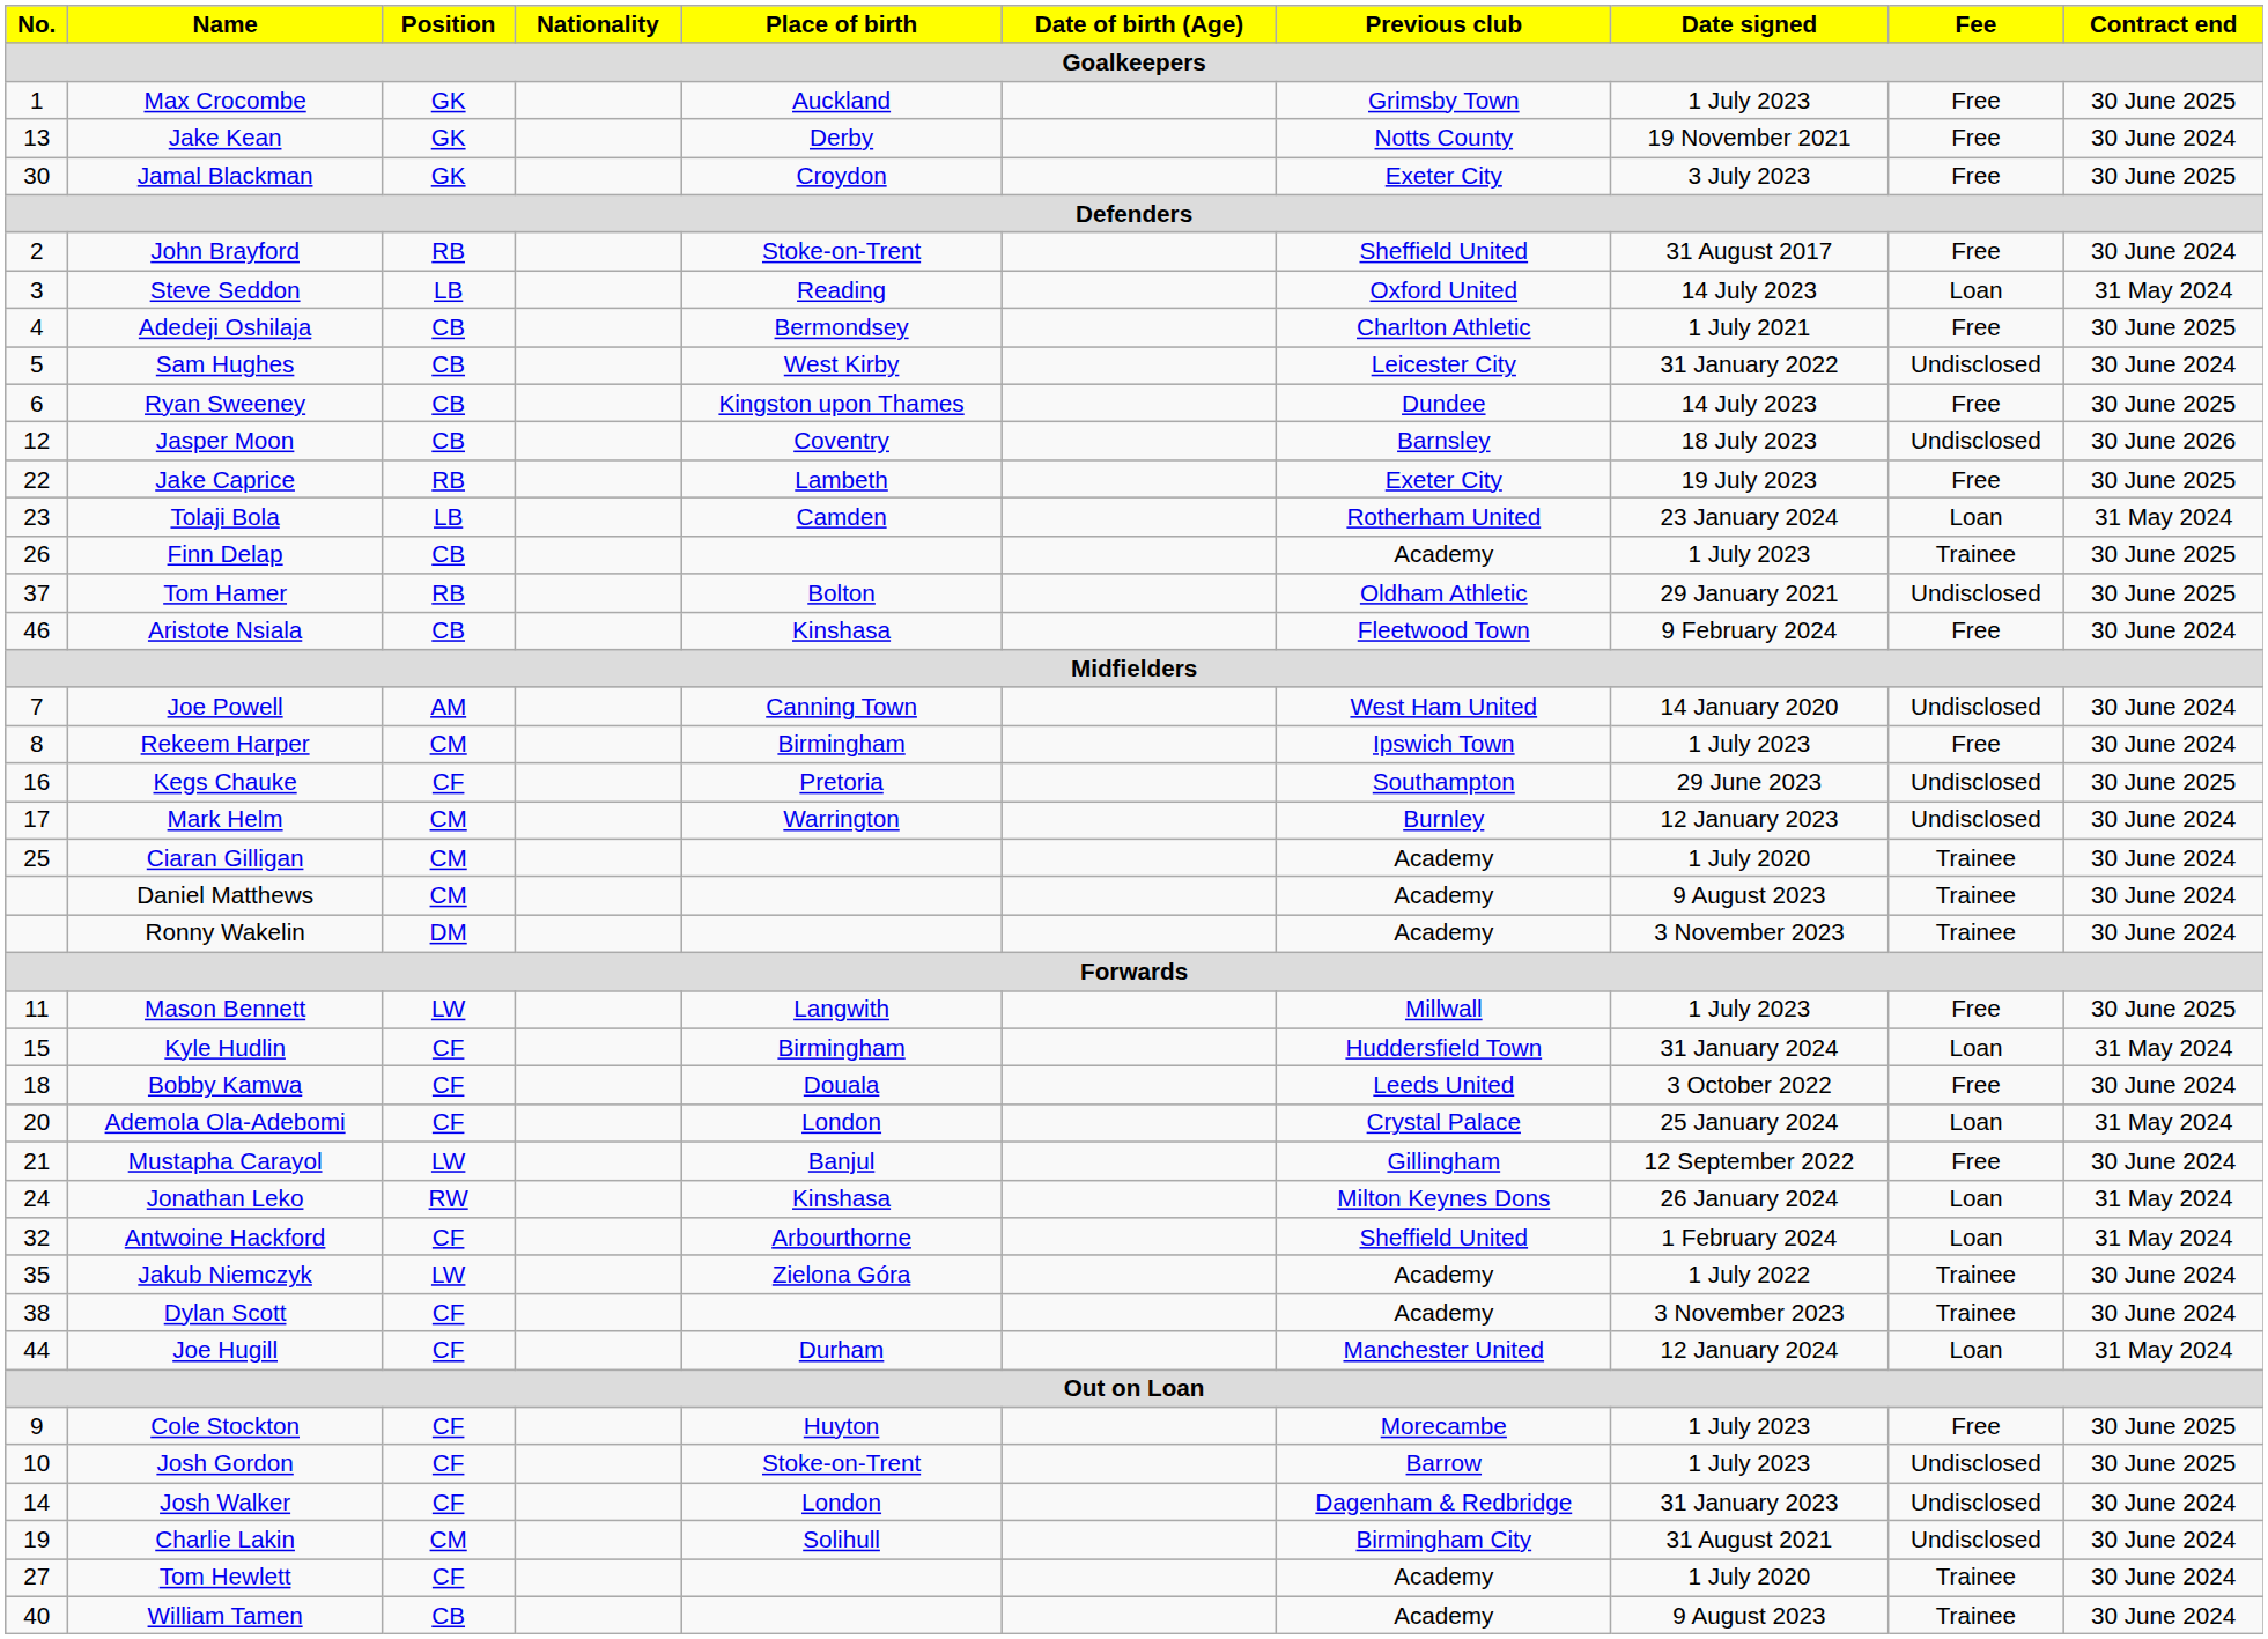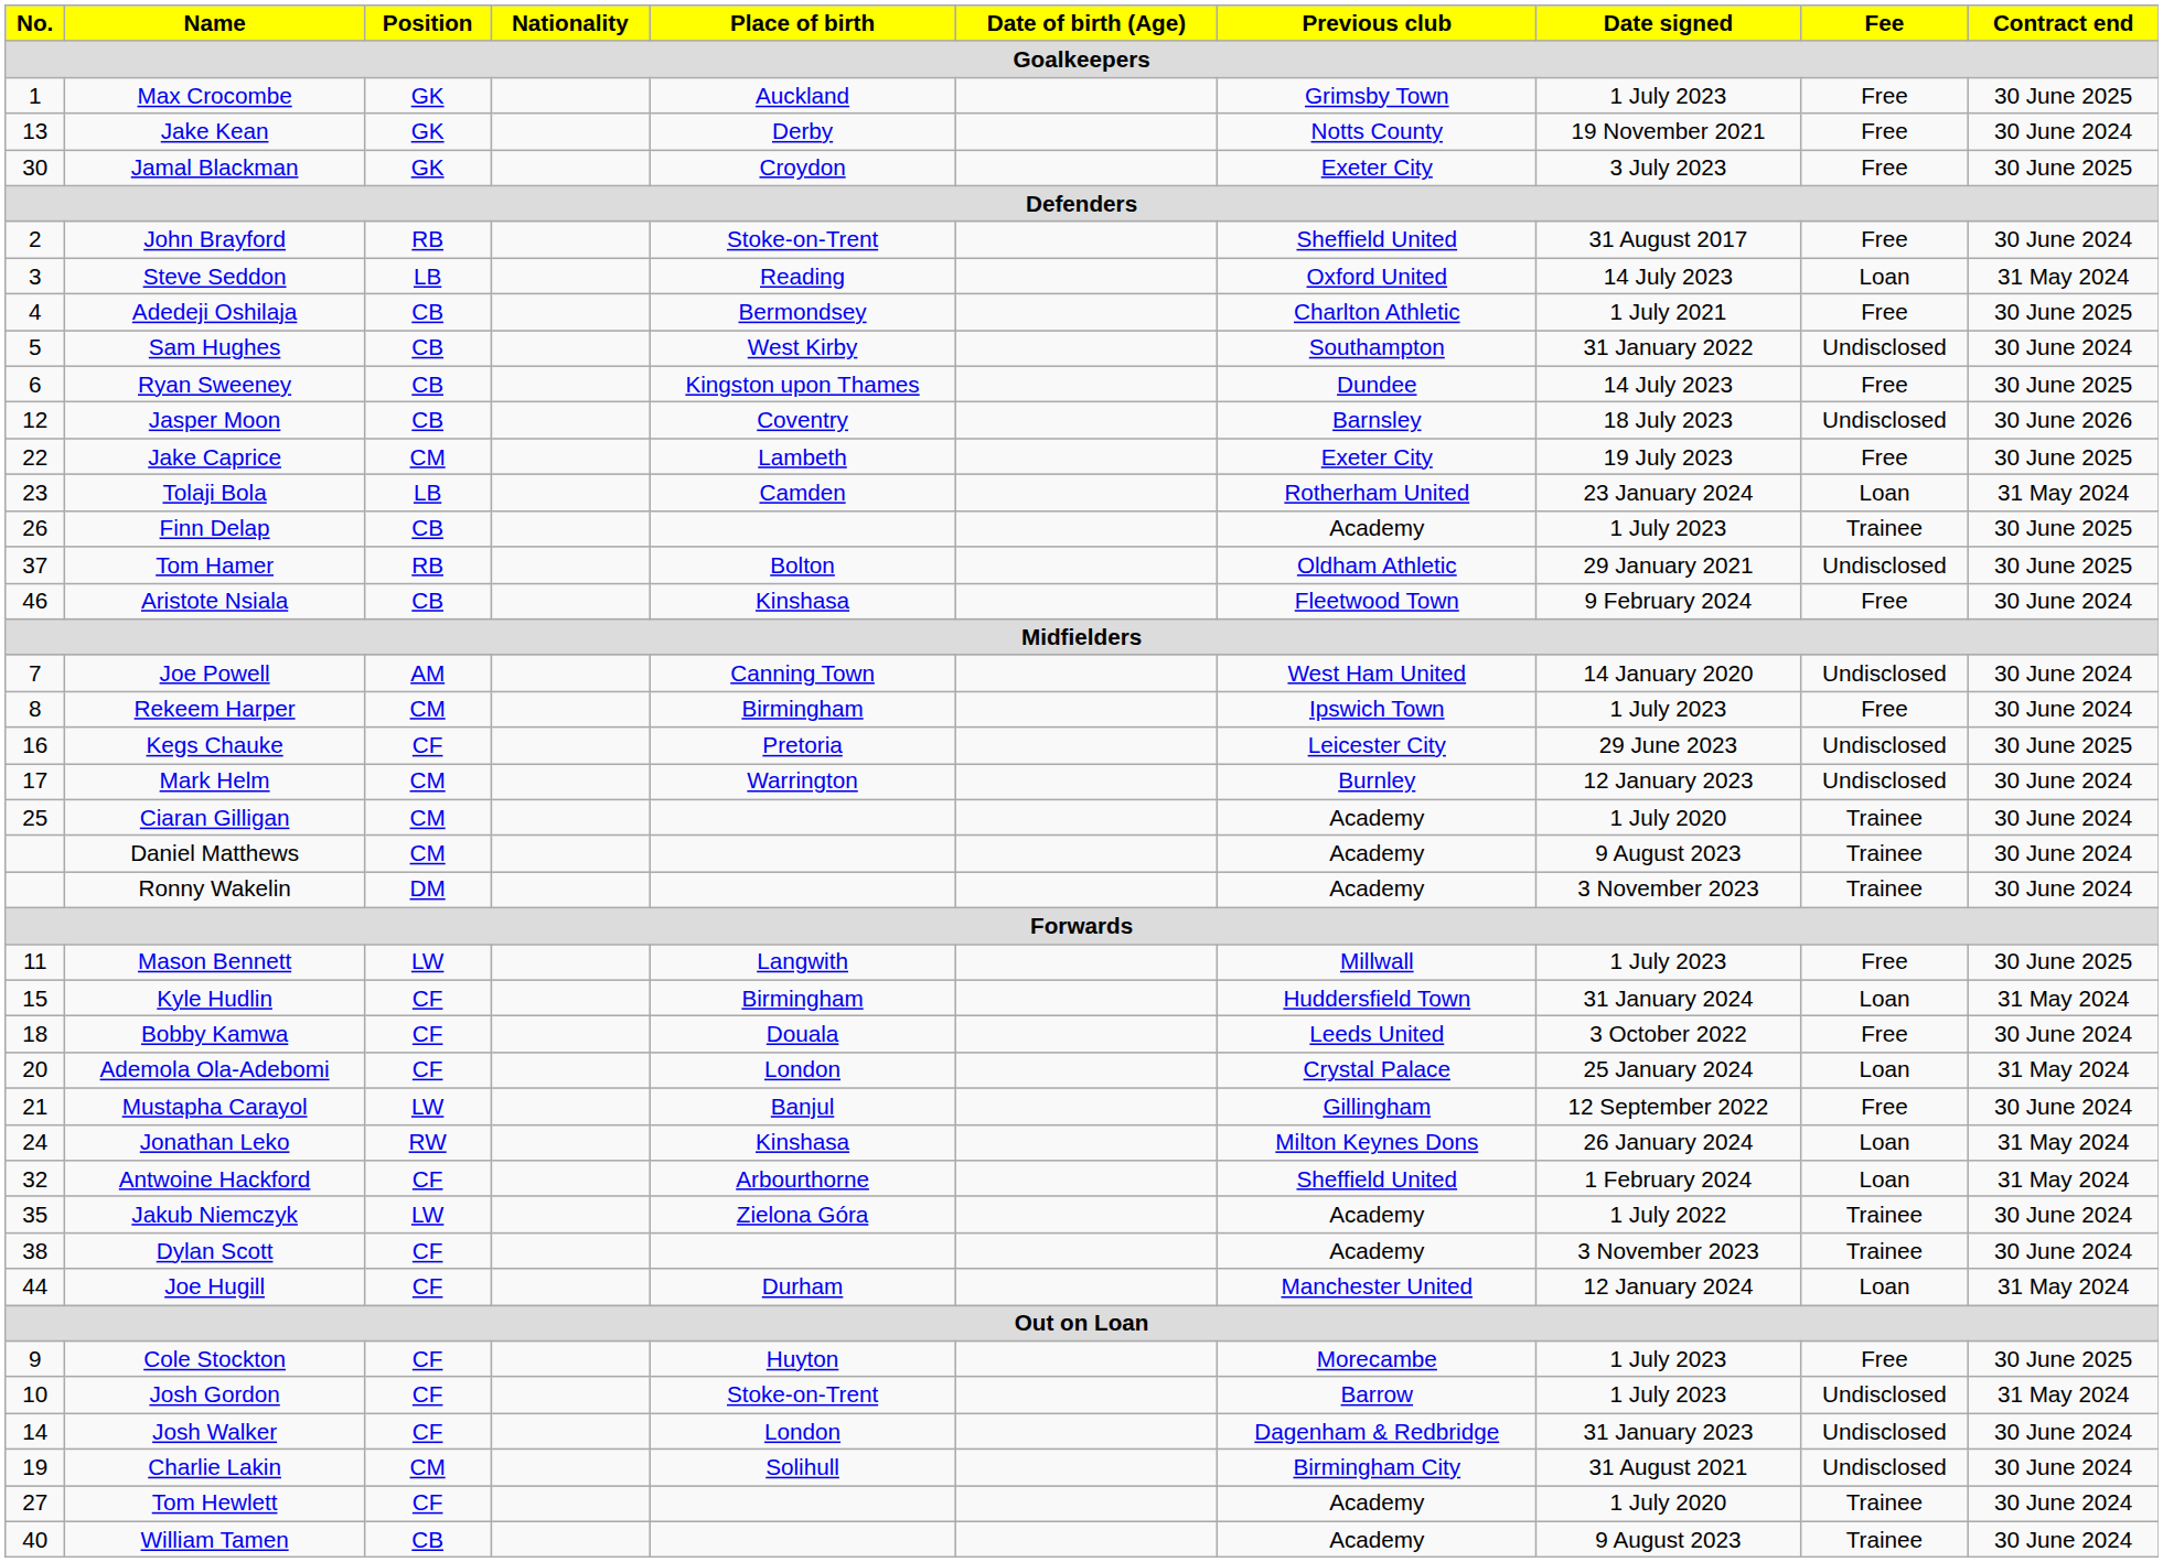 <table class="wikitable" style="text-align:center; font-size:84.5%; width:101%;">
 <tr>
 <th style="background:yellow;">No.</th>
 <th style="background:yellow;">Name</th>
 <th style="background:yellow;">Position</th>
 <th style="background:yellow;">Nationality</th>
 <th style="background:yellow;">Place of birth</th>
 <th style="background:yellow;">Date of birth (Age)</th>
 <th style="background:yellow;">Previous club</th>
 <th style="background:yellow;">Date signed</th>
 <th style="background:yellow;">Fee</th>
 <th style="background:yellow;">Contract end</th>
 </tr>
 <tr>
 <th colspan="14" style="background:#dcdcdc; tepxt-align:center;">Goalkeepers</th>
 </tr>
 <tr>
 <td>1</td>
 <td><a href='#'>Max Crocombe</a></td>
 <td><a href='#'>GK</a></td>
 <td></td>
 <td><a href='#'>Auckland</a></td>
 <td></td>
 <td><a href='#'>Grimsby Town</a></td>
 <td>1 July 2023</td>
 <td>Free</td>
 <td>30 June 2025</td>
 </tr>
 <tr>
 <td>13</td>
 <td><a href='#'>Jake Kean</a></td>
 <td><a href='#'>GK</a></td>
 <td></td>
 <td><a href='#'>Derby</a></td>
 <td></td>
 <td><a href='#'>Notts County</a></td>
 <td>19 November 2021</td>
 <td>Free</td>
 <td>30 June 2024</td>
 </tr>
 <tr>
 <td>30</td>
 <td><a href='#'>Jamal Blackman</a></td>
 <td><a href='#'>GK</a></td>
 <td></td>
 <td><a href='#'>Croydon</a></td>
 <td></td>
 <td><a href='#'>Exeter City</a></td>
 <td>3 July 2023</td>
 <td>Free</td>
 <td>30 June 2025</td>
 </tr>
 <tr>
 <th colspan="14" style="background:#dcdcdc; tepxt-align:center;">Defenders</th>
 </tr>
 <tr>
 <td>2</td>
 <td><a href='#'>John Brayford</a></td>
 <td><a href='#'>RB</a></td>
 <td></td>
 <td><a href='#'>Stoke-on-Trent</a></td>
 <td></td>
 <td><a href='#'>Sheffield United</a></td>
 <td>31 August 2017</td>
 <td>Free</td>
 <td>30 June 2024</td>
 </tr>
 <tr>
 <td>3</td>
 <td><a href='#'>Steve Seddon</a></td>
 <td><a href='#'>LB</a></td>
 <td></td>
 <td><a href='#'>Reading</a></td>
 <td></td>
 <td><a href='#'>Oxford United</a></td>
 <td>14 July 2023</td>
 <td>Loan</td>
 <td>31 May 2024</td>
 </tr>
 <tr>
 <td>4</td>
 <td><a href='#'>Adedeji Oshilaja</a></td>
 <td><a href='#'>CB</a></td>
 <td></td>
 <td><a href='#'>Bermondsey</a></td>
 <td></td>
 <td><a href='#'>Charlton Athletic</a></td>
 <td>1 July 2021</td>
 <td>Free</td>
 <td>30 June 2025</td>
 </tr>
 <tr>
 <td>5</td>
 <td><a href='#'>Sam Hughes</a></td>
 <td><a href='#'>CB</a></td>
 <td></td>
 <td><a href='#'>West Kirby</a></td>
 <td></td>
-<td><a href='#'>Leicester City</a></td>
+<td><a href='#'>Southampton</a></td>
 <td>31 January 2022</td>
 <td>Undisclosed</td>
 <td>30 June 2024</td>
 </tr>
 <tr>
 <td>6</td>
 <td><a href='#'>Ryan Sweeney</a></td>
 <td><a href='#'>CB</a></td>
 <td></td>
 <td><a href='#'>Kingston upon Thames</a></td>
 <td></td>
 <td> <a href='#'>Dundee</a></td>
 <td>14 July 2023</td>
 <td>Free</td>
 <td>30 June 2025</td>
 </tr>
 <tr>
 <td>12</td>
 <td><a href='#'>Jasper Moon</a></td>
 <td><a href='#'>CB</a></td>
 <td></td>
 <td><a href='#'>Coventry</a></td>
 <td></td>
 <td><a href='#'>Barnsley</a></td>
 <td>18 July 2023</td>
 <td>Undisclosed</td>
 <td>30 June 2026</td>
 </tr>
 <tr>
 <td>22</td>
 <td><a href='#'>Jake Caprice</a></td>
-<td><a href='#'>RB</a></td>
+<td><a href='#'>CM</a></td>
 <td></td>
 <td><a href='#'>Lambeth</a></td>
 <td></td>
 <td><a href='#'>Exeter City</a></td>
 <td>19 July 2023</td>
 <td>Free</td>
 <td>30 June 2025</td>
 </tr>
 <tr>
 <td>23</td>
 <td><a href='#'>Tolaji Bola</a></td>
 <td><a href='#'>LB</a></td>
 <td></td>
 <td><a href='#'>Camden</a></td>
 <td></td>
 <td><a href='#'>Rotherham United</a></td>
 <td>23 January 2024</td>
 <td>Loan</td>
 <td>31 May 2024</td>
 </tr>
 <tr>
 <td>26</td>
 <td><a href='#'>Finn Delap</a></td>
 <td><a href='#'>CB</a></td>
 <td></td>
 <td></td>
 <td></td>
 <td>Academy</td>
 <td>1 July 2023</td>
 <td>Trainee</td>
 <td>30 June 2025</td>
 </tr>
 <tr>
 <td>37</td>
 <td><a href='#'>Tom Hamer</a></td>
 <td><a href='#'>RB</a></td>
 <td></td>
 <td><a href='#'>Bolton</a></td>
 <td></td>
 <td><a href='#'>Oldham Athletic</a></td>
 <td>29 January 2021</td>
 <td>Undisclosed</td>
 <td>30 June 2025</td>
 </tr>
 <tr>
 <td>46</td>
 <td><a href='#'>Aristote Nsiala</a></td>
 <td><a href='#'>CB</a></td>
 <td></td>
 <td><a href='#'>Kinshasa</a></td>
 <td></td>
 <td><a href='#'>Fleetwood Town</a></td>
 <td>9 February 2024</td>
 <td>Free</td>
 <td>30 June 2024</td>
 </tr>
 <tr>
 <th colspan="14" style="background:#dcdcdc; tepxt-align:center;">Midfielders</th>
 </tr>
 <tr>
 <td>7</td>
 <td><a href='#'>Joe Powell</a></td>
 <td><a href='#'>AM</a></td>
 <td></td>
 <td><a href='#'>Canning Town</a></td>
 <td></td>
 <td><a href='#'>West Ham United</a></td>
 <td>14 January 2020</td>
 <td>Undisclosed</td>
 <td>30 June 2024</td>
 </tr>
 <tr>
 <td>8</td>
 <td><a href='#'>Rekeem Harper</a></td>
 <td><a href='#'>CM</a></td>
 <td></td>
 <td><a href='#'>Birmingham</a></td>
 <td></td>
 <td><a href='#'>Ipswich Town</a></td>
 <td>1 July 2023</td>
 <td>Free</td>
 <td>30 June 2024</td>
 </tr>
 <tr>
 <td>16</td>
 <td><a href='#'>Kegs Chauke</a></td>
 <td><a href='#'>CF</a></td>
 <td></td>
 <td><a href='#'>Pretoria</a></td>
 <td></td>
-<td><a href='#'>Southampton</a></td>
+<td><a href='#'>Leicester City</a></td>
 <td>29 June 2023</td>
 <td>Undisclosed</td>
 <td>30 June 2025</td>
 </tr>
 <tr>
 <td>17</td>
 <td><a href='#'>Mark Helm</a></td>
 <td><a href='#'>CM</a></td>
 <td></td>
 <td><a href='#'>Warrington</a></td>
 <td></td>
 <td><a href='#'>Burnley</a></td>
 <td>12 January 2023</td>
 <td>Undisclosed</td>
 <td>30 June 2024</td>
 </tr>
 <tr>
 <td>25</td>
 <td><a href='#'>Ciaran Gilligan</a></td>
 <td><a href='#'>CM</a></td>
 <td></td>
 <td></td>
 <td></td>
 <td>Academy</td>
 <td>1 July 2020</td>
 <td>Trainee</td>
 <td>30 June 2024</td>
 </tr>
 <tr>
 <td></td>
 <td>Daniel Matthews</td>
 <td><a href='#'>CM</a></td>
 <td></td>
 <td></td>
 <td></td>
 <td>Academy</td>
 <td>9 August 2023</td>
 <td>Trainee</td>
 <td>30 June 2024</td>
 </tr>
 <tr>
 <td></td>
 <td>Ronny Wakelin</td>
 <td><a href='#'>DM</a></td>
 <td></td>
 <td></td>
 <td></td>
 <td>Academy</td>
 <td>3 November 2023</td>
 <td>Trainee</td>
 <td>30 June 2024</td>
 </tr>
 <tr>
 <th colspan="14" style="background:#dcdcdc; tepxt-align:center;">Forwards</th>
 </tr>
 <tr>
 <td>11</td>
 <td><a href='#'>Mason Bennett</a></td>
 <td><a href='#'>LW</a></td>
 <td></td>
 <td><a href='#'>Langwith</a></td>
 <td></td>
 <td><a href='#'>Millwall</a></td>
 <td>1 July 2023</td>
 <td>Free</td>
 <td>30 June 2025</td>
 </tr>
 <tr>
 <td>15</td>
 <td><a href='#'>Kyle Hudlin</a></td>
 <td><a href='#'>CF</a></td>
 <td></td>
 <td><a href='#'>Birmingham</a></td>
 <td></td>
 <td><a href='#'>Huddersfield Town</a></td>
 <td>31 January 2024</td>
 <td>Loan</td>
 <td>31 May 2024</td>
 </tr>
 <tr>
 <td>18</td>
 <td><a href='#'>Bobby Kamwa</a></td>
 <td><a href='#'>CF</a></td>
 <td></td>
 <td><a href='#'>Douala</a></td>
 <td></td>
 <td><a href='#'>Leeds United</a></td>
 <td>3 October 2022</td>
 <td>Free</td>
 <td>30 June 2024</td>
 </tr>
 <tr>
 <td>20</td>
 <td><a href='#'>Ademola Ola-Adebomi</a></td>
 <td><a href='#'>CF</a></td>
 <td></td>
 <td><a href='#'>London</a></td>
 <td></td>
 <td><a href='#'>Crystal Palace</a></td>
 <td>25 January 2024</td>
 <td>Loan</td>
 <td>31 May 2024</td>
 </tr>
 <tr>
 <td>21</td>
 <td><a href='#'>Mustapha Carayol</a></td>
 <td><a href='#'>LW</a></td>
 <td></td>
 <td><a href='#'>Banjul</a></td>
 <td></td>
 <td><a href='#'>Gillingham</a></td>
 <td>12 September 2022</td>
 <td>Free</td>
 <td>30 June 2024</td>
 </tr>
 <tr>
 <td>24</td>
 <td><a href='#'>Jonathan Leko</a></td>
 <td><a href='#'>RW</a></td>
 <td></td>
 <td> <a href='#'>Kinshasa</a></td>
 <td></td>
 <td><a href='#'>Milton Keynes Dons</a></td>
 <td>26 January 2024</td>
 <td>Loan</td>
 <td>31 May 2024</td>
 </tr>
 <tr>
 <td>32</td>
 <td><a href='#'>Antwoine Hackford</a></td>
 <td><a href='#'>CF</a></td>
 <td></td>
 <td><a href='#'>Arbourthorne</a></td>
 <td></td>
 <td><a href='#'>Sheffield United</a></td>
 <td>1 February 2024</td>
 <td>Loan</td>
 <td>31 May 2024</td>
 </tr>
 <tr>
 <td>35</td>
 <td><a href='#'>Jakub Niemczyk</a></td>
 <td><a href='#'>LW</a></td>
 <td></td>
 <td><a href='#'>Zielona Góra</a></td>
 <td></td>
 <td>Academy</td>
 <td>1 July 2022</td>
 <td>Trainee</td>
 <td>30 June 2024</td>
 </tr>
 <tr>
 <td>38</td>
 <td><a href='#'>Dylan Scott</a></td>
 <td><a href='#'>CF</a></td>
 <td></td>
 <td></td>
 <td></td>
 <td>Academy</td>
 <td>3 November 2023</td>
 <td>Trainee</td>
 <td>30 June 2024</td>
 </tr>
 <tr>
 <td>44</td>
 <td><a href='#'>Joe Hugill</a></td>
 <td><a href='#'>CF</a></td>
 <td></td>
 <td><a href='#'>Durham</a></td>
 <td></td>
 <td><a href='#'>Manchester United</a></td>
 <td>12 January 2024</td>
 <td>Loan</td>
 <td>31 May 2024</td>
 </tr>
 <tr>
 <th colspan="14" style="background:#dcdcdc; tepxt-align:center;">Out on Loan</th>
 </tr>
 <tr>
 <td>9</td>
 <td><a href='#'>Cole Stockton</a></td>
 <td><a href='#'>CF</a></td>
 <td></td>
 <td><a href='#'>Huyton</a></td>
 <td></td>
 <td><a href='#'>Morecambe</a></td>
 <td>1 July 2023</td>
 <td>Free</td>
 <td>30 June 2025</td>
 </tr>
 <tr>
 <td>10</td>
 <td><a href='#'>Josh Gordon</a></td>
 <td><a href='#'>CF</a></td>
 <td></td>
 <td><a href='#'>Stoke-on-Trent</a></td>
 <td></td>
 <td><a href='#'>Barrow</a></td>
 <td>1 July 2023</td>
 <td>Undisclosed</td>
-<td>30 June 2025</td>
+<td>31 May 2024</td>
 </tr>
 <tr>
 <td>14</td>
 <td><a href='#'>Josh Walker</a></td>
 <td><a href='#'>CF</a></td>
 <td></td>
 <td><a href='#'>London</a></td>
 <td></td>
 <td><a href='#'>Dagenham & Redbridge</a></td>
 <td>31 January 2023</td>
 <td>Undisclosed</td>
 <td>30 June 2024</td>
 </tr>
 <tr>
 <td>19</td>
 <td><a href='#'>Charlie Lakin</a></td>
 <td><a href='#'>CM</a></td>
 <td></td>
 <td><a href='#'>Solihull</a></td>
 <td></td>
 <td><a href='#'>Birmingham City</a></td>
 <td>31 August 2021</td>
 <td>Undisclosed</td>
 <td>30 June 2024</td>
 </tr>
 <tr>
 <td>27</td>
 <td><a href='#'>Tom Hewlett</a></td>
 <td><a href='#'>CF</a></td>
 <td></td>
 <td></td>
 <td></td>
 <td>Academy</td>
 <td>1 July 2020</td>
 <td>Trainee</td>
 <td>30 June 2024</td>
 </tr>
 <tr>
 <td>40</td>
 <td><a href='#'>William Tamen</a></td>
 <td><a href='#'>CB</a></td>
 <td></td>
 <td></td>
 <td></td>
 <td>Academy</td>
 <td>9 August 2023</td>
 <td>Trainee</td>
 <td>30 June 2024</td>
 </tr>
 </table>
